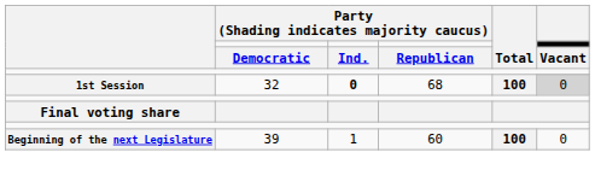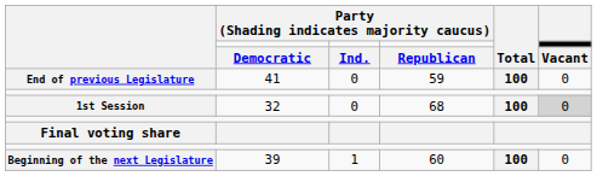 <table class=wikitable style="text-align:center">
 <tr style="vertical-align:bottom;">
 <th rowspan=3></th>
 <th colspan=3>Party <div>(Shading indicates majority caucus)</div></th>
 <th rowspan=3>Total</th>
 <th></th>
 </tr>
 <tr style="height:5px">
 <td style="background-color:"></td>
 <td style="background-color:"></td>
 <td style="background-color:"></td>
 <td style="background:black;"></td>
 </tr>
 <tr>
 <th><a href='#'>Democratic</a></th>
 <th><a href='#'>Ind.</a></th>
 <th><a href='#'>Republican</a></th>
 <th>Vacant</th>
 </tr>
 <tr>
+<th style="font-size:80%;">End of <a href='#'>previous Legislature</a></th>
+<td>41</td>
+<td>0</td>
+<td>59</td>
+<th>100</th>
+<td>0</td>
+</tr>
+<tr>
 <td colspan=6></td>
 </tr>
 <tr>
 <th style="font-size:80%;">1st Session</th>
 <td>32</td>
-<td><strong>0</strong></td>
+<td>0</td>
 <td>68</td>
 <th>100</th>
 <td style="background: lightgrey;">0</td>
 </tr>
 <tr>
 <td colspan=6></td>
 </tr>
 <tr>
 <th>Final voting share</th>
 <th></th>
 <th></th>
 <th></th>
 <th colspan=2></th>
 </tr>
 <tr>
 <td colspan=6></td>
 </tr>
 <tr>
 <th style="font-size:80%;">Beginning of the <a href='#'>next Legislature</a></th>
 <td>39</td>
 <td>1</td>
 <td>60</td>
 <th>100</th>
 <td>0</td>
 </tr>
 </table>
